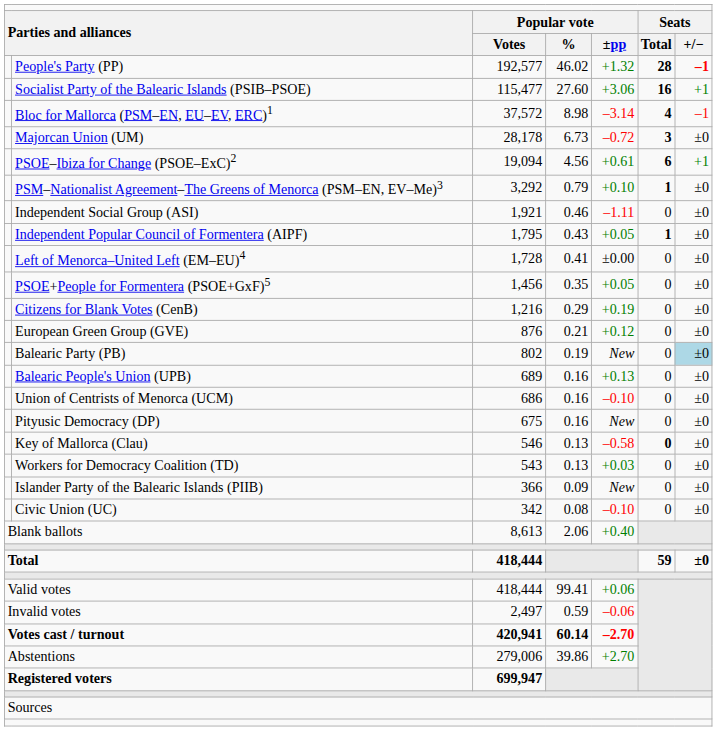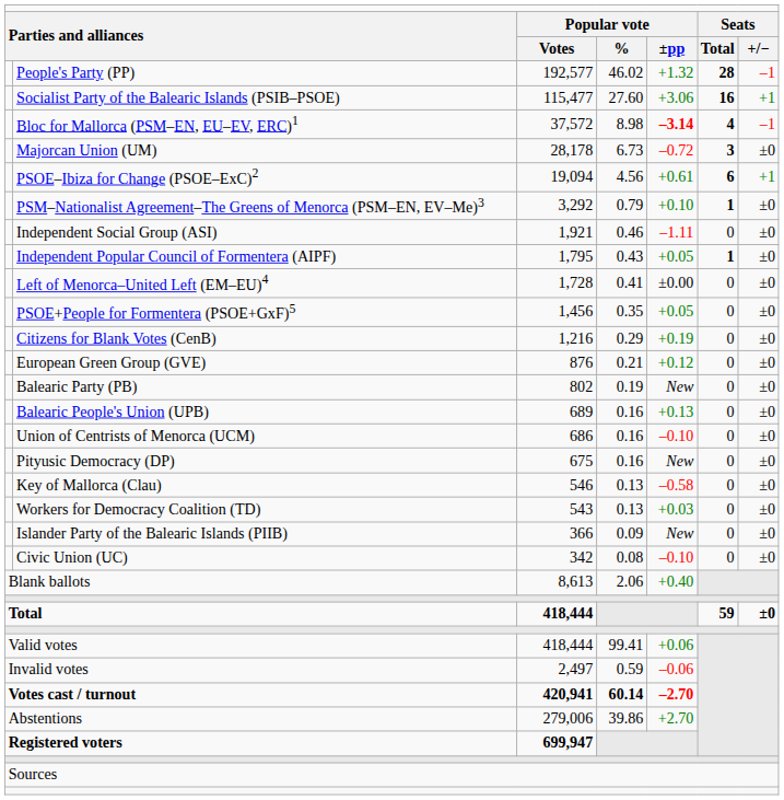 <table class="wikitable" style="text-align:right;">
 <tr>
 <td colspan="7"></td>
 </tr>
 <tr>
 <th style="text-align:left;" rowspan="2" colspan="2" width="525">Parties and alliances</th>
 <th colspan="3">Popular vote</th>
 <th colspan="2">Seats</th>
 </tr>
 <tr>
 <th width="75">Votes</th>
 <th width="45">%</th>
 <th width="45">±<a href='#'>pp</a></th>
 <th width="35">Total</th>
 <th width="35">+/−</th>
 </tr>
 <tr>
 <td width="1" style="color:inherit;background:"></td>
 <td align="left"><a href='#'>People's Party</a> (PP)</td>
 <td>192,577</td>
 <td>46.02</td>
 <td style="color:green;">+1.32</td>
 <td><strong>28</strong></td>
-<td style="color:red;"><strong>–1</strong></td>
+<td style="color:red;">–1</td>
 </tr>
 <tr>
 <td style="color:inherit;background:"></td>
 <td align="left"><a href='#'>Socialist Party of the Balearic Islands</a> (PSIB–PSOE)</td>
 <td>115,477</td>
 <td>27.60</td>
 <td style="color:green;">+3.06</td>
 <td><strong>16</strong></td>
 <td style="color:green;">+1</td>
 </tr>
 <tr>
 <td style="color:inherit;background:"></td>
 <td align="left"><a href='#'>Bloc for Mallorca</a> (<a href='#'>PSM</a>–<a href='#'>EN</a>, <a href='#'>EU</a>–<a href='#'>EV</a>, <a href='#'>ERC</a>)<sup>1</sup></td>
 <td>37,572</td>
 <td>8.98</td>
-<td style="color:red;">–3.14</td>
+<td style="color:red;"><strong>–3.14</strong></td>
 <td><strong>4</strong></td>
 <td style="color:red;">–1</td>
 </tr>
 <tr>
 <td style="color:inherit;background:"></td>
 <td align="left"><a href='#'>Majorcan Union</a> (UM)</td>
 <td>28,178</td>
 <td>6.73</td>
 <td style="color:red;">–0.72</td>
 <td><strong>3</strong></td>
 <td>±0</td>
 </tr>
 <tr>
 <td style="color:inherit;background:"></td>
 <td align="left"><a href='#'>PSOE</a>–<a href='#'>Ibiza for Change</a> (PSOE–ExC)<sup>2</sup></td>
 <td>19,094</td>
 <td>4.56</td>
 <td style="color:green;">+0.61</td>
 <td><strong>6</strong></td>
 <td style="color:green;">+1</td>
 </tr>
 <tr>
 <td style="color:inherit;background:"></td>
 <td align="left"><a href='#'>PSM</a>–<a href='#'>Nationalist Agreement</a>–<a href='#'>The Greens of Menorca</a> (PSM–EN, EV–Me)<sup>3</sup></td>
 <td>3,292</td>
 <td>0.79</td>
 <td style="color:green;">+0.10</td>
 <td><strong>1</strong></td>
 <td>±0</td>
 </tr>
 <tr>
 <td style="color:inherit;background:"></td>
 <td align="left">Independent Social Group (ASI)</td>
 <td>1,921</td>
 <td>0.46</td>
 <td style="color:red;">–1.11</td>
 <td>0</td>
 <td>±0</td>
 </tr>
 <tr>
 <td style="color:inherit;background:"></td>
 <td align="left"><a href='#'>Independent Popular Council of Formentera</a> (AIPF)</td>
 <td>1,795</td>
 <td>0.43</td>
 <td style="color:green;">+0.05</td>
 <td><strong>1</strong></td>
 <td>±0</td>
 </tr>
 <tr>
 <td style="color:inherit;background:"></td>
 <td align="left"><a href='#'>Left of Menorca–United Left</a> (EM–EU)<sup>4</sup></td>
 <td>1,728</td>
 <td>0.41</td>
 <td>±0.00</td>
 <td>0</td>
 <td>±0</td>
 </tr>
 <tr>
 <td style="color:inherit;background:"></td>
 <td align="left"><a href='#'>PSOE</a>+<a href='#'>People for Formentera</a> (PSOE+GxF)<sup>5</sup></td>
 <td>1,456</td>
 <td>0.35</td>
 <td style="color:green;">+0.05</td>
 <td>0</td>
 <td>±0</td>
 </tr>
 <tr>
 <td style="color:inherit;background:"></td>
 <td align="left"><a href='#'>Citizens for Blank Votes</a> (CenB)</td>
 <td>1,216</td>
 <td>0.29</td>
 <td style="color:green;">+0.19</td>
 <td>0</td>
 <td>±0</td>
 </tr>
 <tr>
 <td style="color:inherit;background:"></td>
 <td align="left">European Green Group (GVE)</td>
 <td>876</td>
 <td>0.21</td>
 <td style="color:green;">+0.12</td>
 <td>0</td>
 <td>±0</td>
 </tr>
 <tr>
 <td style="color:inherit;background:"></td>
 <td align="left">Balearic Party (PB)</td>
 <td>802</td>
 <td>0.19</td>
 <td><em>New</em></td>
 <td>0</td>
-<td style="background: lightblue;">±0</td>
+<td>±0</td>
 </tr>
 <tr>
 <td style="color:inherit;background:"></td>
 <td align="left"><a href='#'>Balearic People's Union</a> (UPB)</td>
 <td>689</td>
 <td>0.16</td>
 <td style="color:green;">+0.13</td>
 <td>0</td>
 <td>±0</td>
 </tr>
 <tr>
 <td style="color:inherit;background:"></td>
 <td align="left">Union of Centrists of Menorca (UCM)</td>
 <td>686</td>
 <td>0.16</td>
 <td style="color:red;">–0.10</td>
 <td>0</td>
 <td>±0</td>
 </tr>
 <tr>
 <td style="color:inherit;background:"></td>
 <td align="left">Pityusic Democracy (DP)</td>
 <td>675</td>
 <td>0.16</td>
 <td><em>New</em></td>
 <td>0</td>
 <td>±0</td>
 </tr>
 <tr>
 <td style="color:inherit;background:"></td>
 <td align="left">Key of Mallorca (Clau)</td>
 <td>546</td>
 <td>0.13</td>
 <td style="color:red;">–0.58</td>
-<td><strong>0</strong></td>
+<td>0</td>
 <td>±0</td>
 </tr>
 <tr>
 <td style="color:inherit;background:"></td>
 <td align="left">Workers for Democracy Coalition (TD)</td>
 <td>543</td>
 <td>0.13</td>
 <td style="color:green;">+0.03</td>
 <td>0</td>
 <td>±0</td>
 </tr>
 <tr>
 <td style="color:inherit;background:"></td>
 <td align="left">Islander Party of the Balearic Islands (PIIB)</td>
 <td>366</td>
 <td>0.09</td>
 <td><em>New</em></td>
 <td>0</td>
 <td>±0</td>
 </tr>
 <tr>
 <td style="color:inherit;background:"></td>
 <td align="left">Civic Union (UC)</td>
 <td>342</td>
 <td>0.08</td>
 <td style="color:red;">–0.10</td>
 <td>0</td>
 <td>±0</td>
 </tr>
 <tr>
 <td align="left" colspan="2">Blank ballots</td>
 <td>8,613</td>
 <td>2.06</td>
 <td style="color:green;">+0.40</td>
 <td bgcolor="#E9E9E9" colspan="2"></td>
 </tr>
 <tr>
 <td colspan="7" bgcolor="#E9E9E9"></td>
 </tr>
 <tr style="font-weight:bold;">
 <td align="left" colspan="2">Total</td>
 <td>418,444</td>
 <td bgcolor="#E9E9E9" colspan="2"></td>
 <td>59</td>
 <td>±0</td>
 </tr>
 <tr>
 <td colspan="7" bgcolor="#E9E9E9"></td>
 </tr>
 <tr>
 <td align="left" colspan="2">Valid votes</td>
 <td>418,444</td>
 <td>99.41</td>
 <td style="color:green;">+0.06</td>
 <td bgcolor="#E9E9E9" colspan="2" rowspan="5"></td>
 </tr>
 <tr>
 <td align="left" colspan="2">Invalid votes</td>
 <td>2,497</td>
 <td>0.59</td>
 <td style="color:red;">–0.06</td>
 </tr>
 <tr style="font-weight:bold;">
 <td align="left" colspan="2">Votes cast / turnout</td>
 <td>420,941</td>
 <td>60.14</td>
 <td style="color:red;">–2.70</td>
 </tr>
 <tr>
 <td align="left" colspan="2">Abstentions</td>
 <td>279,006</td>
 <td>39.86</td>
 <td style="color:green;">+2.70</td>
 </tr>
 <tr style="font-weight:bold;">
 <td align="left" colspan="2">Registered voters</td>
 <td>699,947</td>
 <td bgcolor="#E9E9E9" colspan="2"></td>
 </tr>
 <tr>
 <td colspan="7" bgcolor="#E9E9E9"></td>
 </tr>
 <tr>
 <td align="left" colspan="7">Sources</td>
 </tr>
 <tr>
 <td colspan="7" style="text-align:left; max-width:790px;"></td>
 </tr>
 </table>
